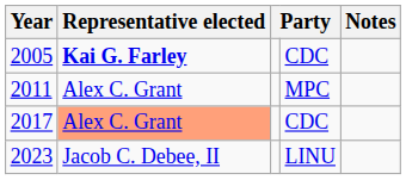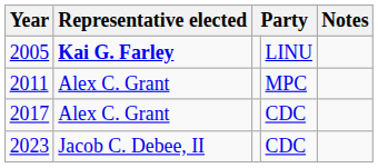 <table class="wikitable">
 <tr>
 <th>Year</th>
 <th>Representative elected</th>
 <th colspan=2>Party</th>
 <th>Notes</th>
 </tr>
 <tr>
 <td><a href='#'>2005</a></td>
 <td><strong><a href='#'>Kai G. Farley</a></strong></td>
 <td></td>
-<td><a href='#'>CDC</a></td>
+<td><a href='#'>LINU</a></td>
 <td></td>
 </tr>
 <tr>
 <td><a href='#'>2011</a></td>
 <td><a href='#'>Alex C. Grant</a></td>
 <td></td>
 <td><a href='#'>MPC</a></td>
 <td></td>
 </tr>
 <tr>
 <td><a href='#'>2017</a></td>
-<td style="background: lightsalmon;"><a href='#'>Alex C. Grant</a></td>
+<td><a href='#'>Alex C. Grant</a></td>
 <td></td>
 <td><a href='#'>CDC</a></td>
 <td></td>
 </tr>
 <tr>
 <td><a href='#'>2023</a></td>
 <td><a href='#'>Jacob C. Debee, II</a></td>
 <td></td>
-<td><a href='#'>LINU</a></td>
+<td><a href='#'>CDC</a></td>
 <td></td>
 </tr>
 </table>
